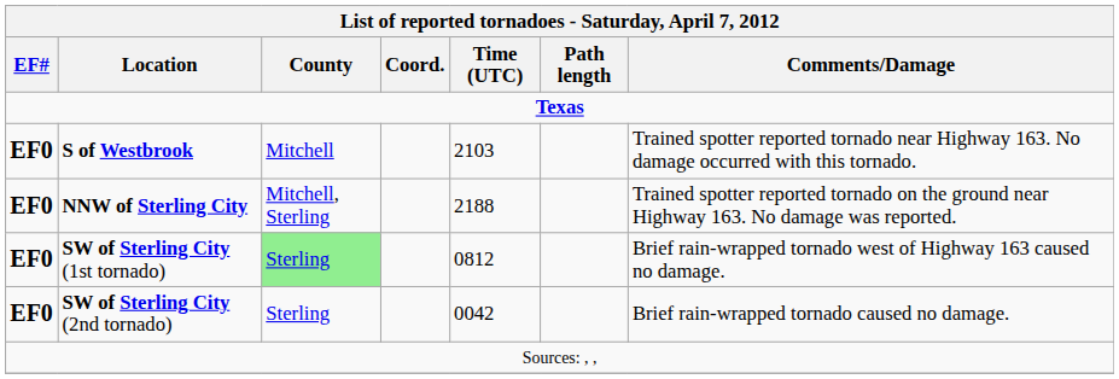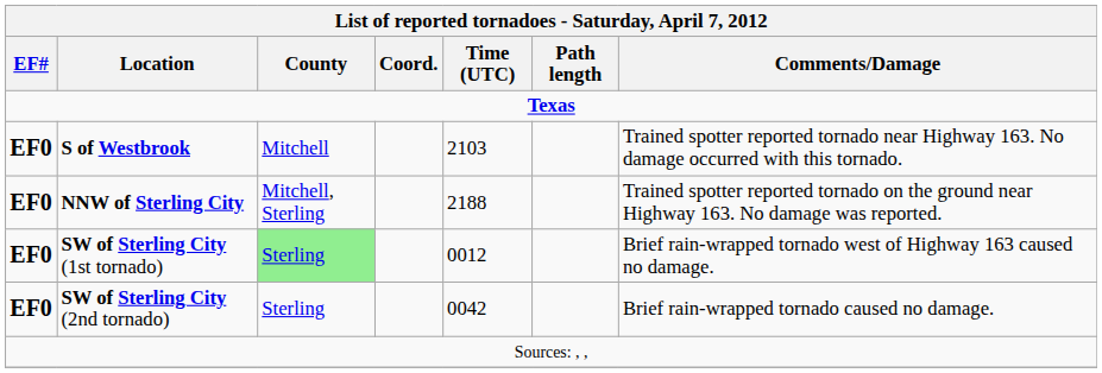 <table class="wikitable collapsible" width="100%">
 <tr>
 <th colspan="7">List of reported tornadoes - Saturday, April 7, 2012</th>
 </tr>
 <tr>
 <th><a href='#'>EF#</a></th>
 <th>Location</th>
 <th>County</th>
 <th>Coord.</th>
 <th>Time (UTC)</th>
 <th>Path length</th>
 <th>Comments/Damage</th>
 </tr>
 <tr>
 <td colspan="7" align=center><strong><a href='#'>Texas</a></strong></td>
 </tr>
 <tr>
 <td><big><strong>EF0</strong></big></td>
 <td><strong>S of <a href='#'>Westbrook</a></strong></td>
 <td><a href='#'>Mitchell</a></td>
 <td></td>
 <td>2103</td>
 <td></td>
 <td>Trained spotter reported tornado near Highway 163. No damage occurred with this tornado.</td>
 </tr>
 <tr>
 <td><big><strong>EF0</strong></big></td>
 <td><strong>NNW of <a href='#'>Sterling City</a></strong></td>
 <td><a href='#'>Mitchell</a>, <a href='#'>Sterling</a></td>
 <td></td>
 <td>2188</td>
 <td></td>
 <td>Trained spotter reported tornado on the ground near Highway 163. No damage was reported.</td>
 </tr>
 <tr>
 <td><big><strong>EF0</strong></big></td>
 <td><strong>SW of <a href='#'>Sterling City</a></strong> (1st tornado)</td>
 <td style="background: lightgreen;"><a href='#'>Sterling</a></td>
 <td></td>
-<td>0812</td>
+<td>0012</td>
 <td></td>
 <td>Brief rain-wrapped tornado west of Highway 163 caused no damage.</td>
 </tr>
 <tr>
 <td><big><strong>EF0</strong></big></td>
 <td><strong>SW of <a href='#'>Sterling City</a></strong> (2nd tornado)</td>
 <td><a href='#'>Sterling</a></td>
 <td></td>
 <td>0042</td>
 <td></td>
 <td>Brief rain-wrapped tornado caused no damage.</td>
 </tr>
 <tr>
 <td colspan="7" align=center><small>Sources: , , </small></td>
 </tr>
 <tr>
 </tr>
 </table>
